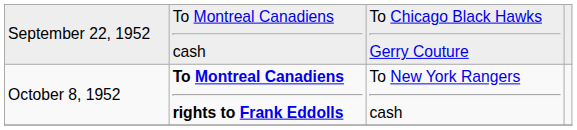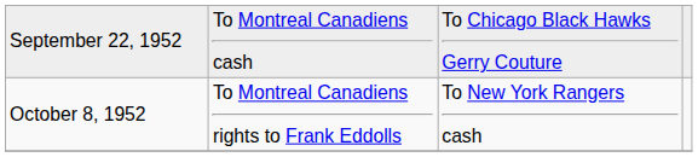 <table class="wikitable" style="border:1px solid #999999; width:580px;">
 <tr bgcolor="eeeeee">
 <td>September 22, 1952</td>
 <td valign="top">To <a href='#'>Montreal Canadiens</a><hr>cash</td>
 <td valign="top">To <a href='#'>Chicago Black Hawks</a><hr><a href='#'>Gerry Couture</a></td>
 <td></td>
 </tr>
 <tr>
 <td>October 8, 1952</td>
-<td valign="top"><strong>To <a href='#'>Montreal Canadiens</a><hr>rights to <a href='#'>Frank Eddolls</a></strong></td>
+<td valign="top">To <a href='#'>Montreal Canadiens</a><hr>rights to <a href='#'>Frank Eddolls</a></td>
 <td valign="top">To <a href='#'>New York Rangers</a><hr>cash</td>
 <td></td>
 </tr>
 <tr bgcolor="eeeeee">
 </tr>
 </table>
